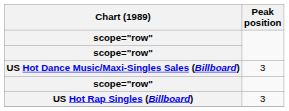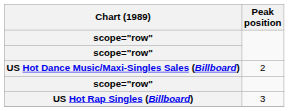 <table class="wikitable sortable plainrowheaders" style="text-align:center;">
 <tr>
 <th scope="col">Chart (1989)</th>
 <th scope="col">Peak<br>position</th>
 </tr>
 <tr>
 <th>scope="row" </th>
 </tr>
 <tr>
 <th>scope="row" </th>
 </tr>
 <tr>
 <th scope="row">US <a href='#'>Hot Dance Music/Maxi-Singles Sales</a> (<a href='#'><em>Billboard</em></a>)</th>
-<td>3</td>
+<td>2</td>
 </tr>
 <tr>
 <th>scope="row" </th>
 </tr>
 <tr>
 <th scope="row">US <a href='#'>Hot Rap Singles</a> (<a href='#'><em>Billboard</em></a>)</th>
 <td>3</td>
 </tr>
 <tr>
 </tr>
 </table>
